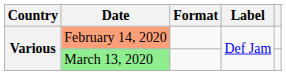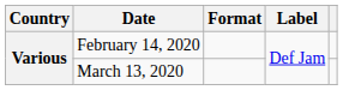 <table class="wikitable plainrowheaders" border="1">
 <tr>
 <th scope="col">Country</th>
 <th scope="col">Date</th>
 <th scope="col">Format</th>
 <th scope="col">Label</th>
 <th scope="col"></th>
 </tr>
 <tr>
 <th scope="row" rowspan="2">Various</th>
-<td style="background: lightsalmon;">February 14, 2020</td>
+<td>February 14, 2020</td>
 <td></td>
 <td rowspan="2"><a href='#'>Def Jam</a></td>
 <td align="center"></td>
 </tr>
 <tr>
-<td style="background: lightgreen;">March 13, 2020</td>
+<td>March 13, 2020</td>
 <td></td>
 <td></td>
 </tr>
 </table>
